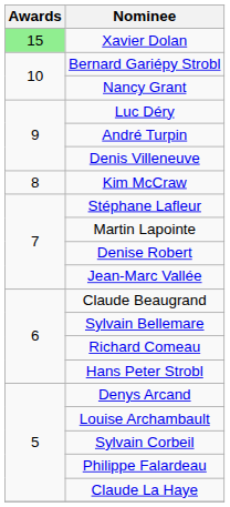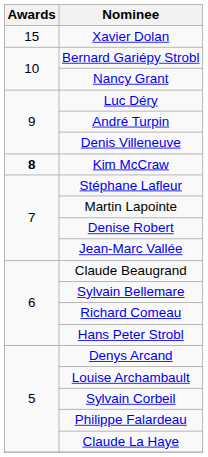 <table class="wikitable" style="text-align: center;">
 <tr>
 <th scope="col" width="55">Awards</th>
 <th scope="col" align="center">Nominee</th>
 </tr>
 <tr>
-<td rowspan=1 style="background: lightgreen; text-align:center">15</td>
+<td rowspan=1 style="text-align:center">15</td>
 <td><a href='#'>Xavier Dolan</a></td>
 </tr>
 <tr>
 <td rowspan=2 style="text-align:center">10</td>
 <td><a href='#'>Bernard Gariépy Strobl</a></td>
 </tr>
 <tr>
 <td><a href='#'>Nancy Grant</a></td>
 </tr>
 <tr>
 <td rowspan=3 style="text-align:center">9</td>
 <td><a href='#'>Luc Déry</a></td>
 </tr>
 <tr>
 <td><a href='#'>André Turpin</a></td>
 </tr>
 <tr>
 <td><a href='#'>Denis Villeneuve</a></td>
 </tr>
 <tr>
-<td rowspan=1 style="text-align:center">8</td>
+<td rowspan=1 style="text-align:center"><strong>8</strong></td>
 <td><a href='#'>Kim McCraw</a></td>
 </tr>
 <tr>
 <td rowspan=4 style="text-align:center">7</td>
 <td><a href='#'>Stéphane Lafleur</a></td>
 </tr>
 <tr>
 <td>Martin Lapointe</td>
 </tr>
 <tr>
 <td><a href='#'>Denise Robert</a></td>
 </tr>
 <tr>
 <td><a href='#'>Jean-Marc Vallée</a></td>
 </tr>
 <tr>
 <td rowspan=4 style="text-align:center">6</td>
 <td>Claude Beaugrand</td>
 </tr>
 <tr>
 <td><a href='#'>Sylvain Bellemare</a></td>
 </tr>
 <tr>
 <td><a href='#'>Richard Comeau</a></td>
 </tr>
 <tr>
 <td><a href='#'>Hans Peter Strobl</a></td>
 </tr>
 <tr>
 <td rowspan=5 style="text-align:center">5</td>
 <td><a href='#'>Denys Arcand</a></td>
 </tr>
 <tr>
 <td><a href='#'>Louise Archambault</a></td>
 </tr>
 <tr>
 <td><a href='#'>Sylvain Corbeil</a></td>
 </tr>
 <tr>
 <td><a href='#'>Philippe Falardeau</a></td>
 </tr>
 <tr>
 <td><a href='#'>Claude La Haye</a></td>
 </tr>
 <tr>
 </tr>
 </table>
